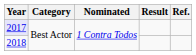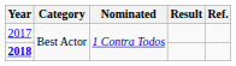 <table class="wikitable">
 <tr>
 <th>Year</th>
 <th>Category</th>
 <th>Nominated</th>
 <th>Result</th>
 <th>Ref.</th>
 </tr>
 <tr>
-<td style="background: lavender;"><a href='#'>2017</a></td>
+<td><a href='#'>2017</a></td>
 <td rowspan=2>Best Actor</td>
 <td rowspan=2 style="text-align:center;"><em><a href='#'>1 Contra Todos</a></em></td>
 <td></td>
 <td></td>
 </tr>
 <tr>
-<td><a href='#'>2018</a></td>
+<td><strong><a href='#'>2018</a></strong></td>
 <td></td>
 <td></td>
 </tr>
 </table>
